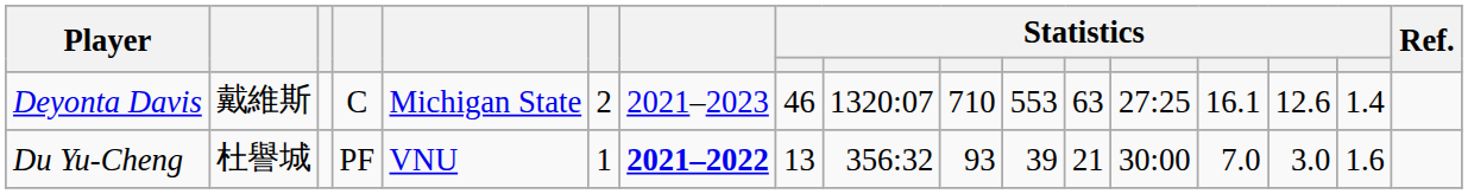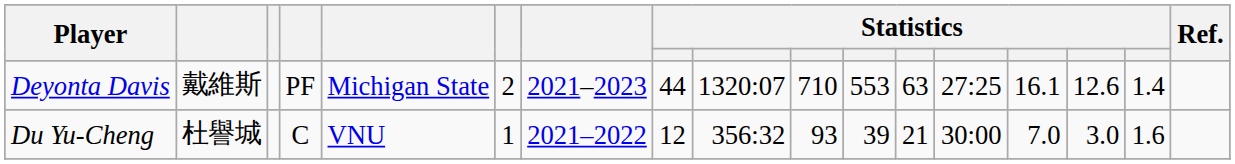 <table class="wikitable sortable" style="font-size:95%; text-align:right;">
 <tr>
 <th rowspan="2">Player</th>
 <th rowspan="2"></th>
 <th rowspan="2"></th>
 <th rowspan="2"></th>
 <th rowspan="2"></th>
 <th rowspan="2"></th>
 <th rowspan="2"></th>
 <th colspan="9">Statistics</th>
 <th rowspan="2">Ref.</th>
 </tr>
 <tr>
 <th></th>
 <th></th>
 <th></th>
 <th></th>
 <th></th>
 <th></th>
 <th></th>
 <th></th>
 <th></th>
 </tr>
 <tr>
 <td align="left"><em><a href='#'>Deyonta Davis</a></em></td>
 <td align="left">戴維斯</td>
 <td align="center"></td>
-<td align="center">C</td>
+<td align="center">PF</td>
 <td align="left"><a href='#'>Michigan State</a></td>
 <td align="center">2</td>
 <td align="center"><a href='#'>2021</a>–<a href='#'>2023</a></td>
-<td>46</td>
+<td>44</td>
 <td>1320:07</td>
 <td>710</td>
 <td>553</td>
 <td>63</td>
 <td>27:25</td>
 <td>16.1</td>
 <td>12.6</td>
 <td>1.4</td>
 <td align="center"></td>
 </tr>
 <tr>
 <td align="left"><em>Du Yu-Cheng</em></td>
 <td align="left">杜譽城</td>
 <td align="center"></td>
-<td align="center">PF</td>
+<td align="center">C</td>
 <td align="left"><a href='#'>VNU</a></td>
 <td align="center">1</td>
-<td align="center"><strong><a href='#'>2021–2022</a></strong></td>
-<td>13</td>
+<td align="center"><a href='#'>2021–2022</a></td>
+<td>12</td>
 <td>356:32</td>
 <td>93</td>
 <td>39</td>
 <td>21</td>
 <td>30:00</td>
 <td>7.0</td>
 <td>3.0</td>
 <td>1.6</td>
 <td align="center"></td>
 </tr>
 </table>
